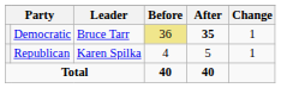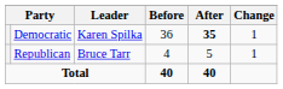 <table class="wikitable" style="text-align:center;">
 <tr>
 </tr>
 <tr>
 <th colspan="2">Party</th>
 <th>Leader</th>
 <th style="width:3em">Before</th>
 <th style="width:3em">After</th>
 <th style="width:3em">Change</th>
 </tr>
 <tr>
 <th style="background-color:"></th>
 <td style="text-align:left;"><a href='#'>Democratic</a></td>
-<td style="text-align:left;"><a href='#'>Bruce Tarr</a></td>
-<td style="background: khaki;">36</td>
+<td style="text-align:left;"><a href='#'>Karen Spilka</a></td>
+<td>36</td>
 <td><strong>35</strong></td>
 <td> 1</td>
 </tr>
 <tr>
 <th style="background-color:"></th>
 <td style="text-align:left;"><a href='#'>Republican</a></td>
-<td style="text-align:left;"><a href='#'>Karen Spilka</a></td>
+<td style="text-align:left;"><a href='#'>Bruce Tarr</a></td>
 <td>4</td>
 <td>5</td>
 <td> 1</td>
 </tr>
 <tr>
 <td colspan="3"><strong>Total</strong></td>
 <td><strong>40</strong></td>
 <td><strong>40</strong></td>
 <td></td>
 </tr>
 </table>
